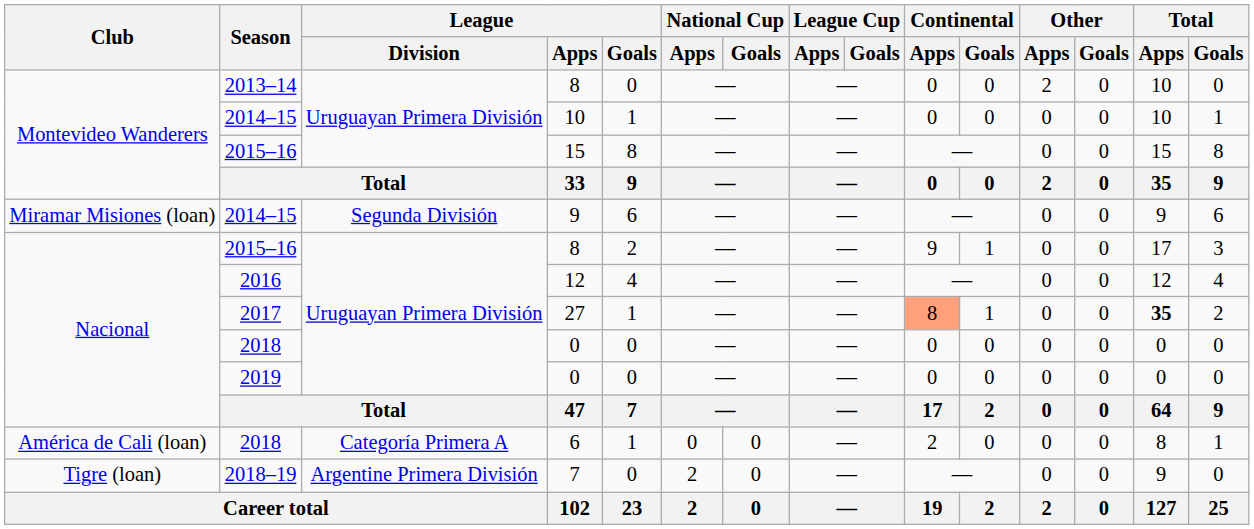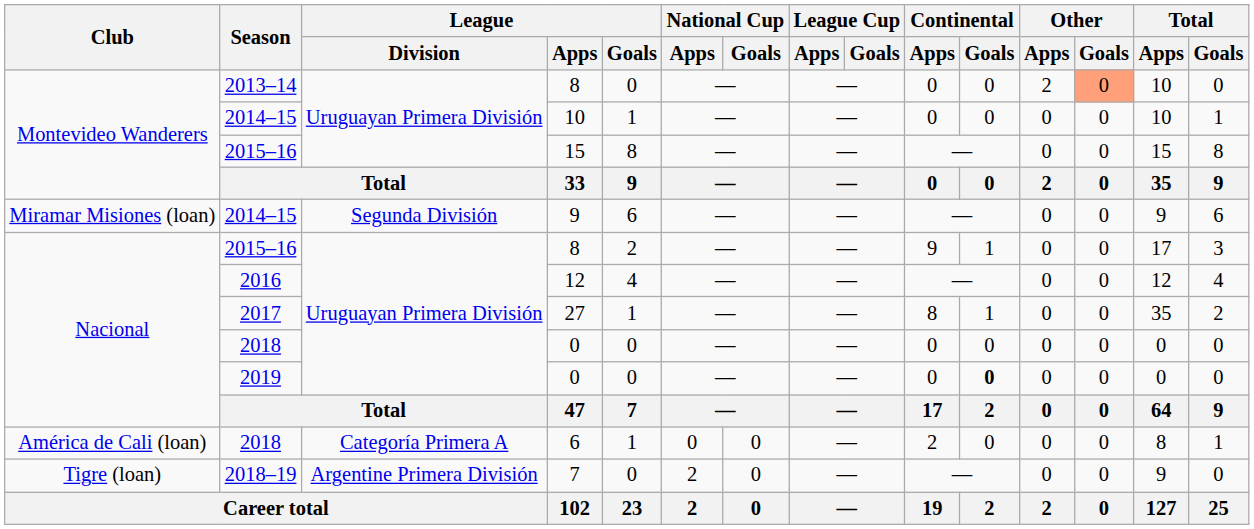 <table class="wikitable" style="text-align:center">
 <tr>
 <th rowspan="2">Club</th>
 <th rowspan="2">Season</th>
 <th colspan="3">League</th>
 <th colspan="2">National Cup</th>
 <th colspan="2">League Cup</th>
 <th colspan="2">Continental</th>
 <th colspan="2">Other</th>
 <th colspan="2">Total</th>
 </tr>
 <tr>
 <th>Division</th>
 <th>Apps</th>
 <th>Goals</th>
 <th>Apps</th>
 <th>Goals</th>
 <th>Apps</th>
 <th>Goals</th>
 <th>Apps</th>
 <th>Goals</th>
 <th>Apps</th>
 <th>Goals</th>
 <th>Apps</th>
 <th>Goals</th>
 </tr>
 <tr>
 <td rowspan="4"><a href='#'>Montevideo Wanderers</a></td>
 <td><a href='#'>2013–14</a></td>
 <td rowspan="3"><a href='#'>Uruguayan Primera División</a></td>
 <td>8</td>
 <td>0</td>
 <td colspan="2">—</td>
 <td colspan="2">—</td>
 <td>0</td>
 <td>0</td>
 <td>2</td>
-<td>0</td>
+<td style="background: lightsalmon;">0</td>
 <td>10</td>
 <td>0</td>
 </tr>
 <tr>
 <td><a href='#'>2014–15</a></td>
 <td>10</td>
 <td>1</td>
 <td colspan="2">—</td>
 <td colspan="2">—</td>
 <td>0</td>
 <td>0</td>
 <td>0</td>
 <td>0</td>
 <td>10</td>
 <td>1</td>
 </tr>
 <tr>
 <td><a href='#'>2015–16</a></td>
 <td>15</td>
 <td>8</td>
 <td colspan="2">—</td>
 <td colspan="2">—</td>
 <td colspan="2">—</td>
 <td>0</td>
 <td>0</td>
 <td>15</td>
 <td>8</td>
 </tr>
 <tr>
 <th colspan="2">Total</th>
 <th>33</th>
 <th>9</th>
 <th colspan="2">—</th>
 <th colspan="2">—</th>
 <th>0</th>
 <th>0</th>
 <th>2</th>
 <th>0</th>
 <th>35</th>
 <th>9</th>
 </tr>
 <tr>
 <td rowspan="1"><a href='#'>Miramar Misiones</a> (loan)</td>
 <td><a href='#'>2014–15</a></td>
 <td rowspan="1"><a href='#'>Segunda División</a></td>
 <td>9</td>
 <td>6</td>
 <td colspan="2">—</td>
 <td colspan="2">—</td>
 <td colspan="2">—</td>
 <td>0</td>
 <td>0</td>
 <td>9</td>
 <td>6</td>
 </tr>
 <tr>
 <td rowspan="6"><a href='#'>Nacional</a></td>
 <td><a href='#'>2015–16</a></td>
 <td rowspan="5"><a href='#'>Uruguayan Primera División</a></td>
 <td>8</td>
 <td>2</td>
 <td colspan="2">—</td>
 <td colspan="2">—</td>
 <td>9</td>
 <td>1</td>
 <td>0</td>
 <td>0</td>
 <td>17</td>
 <td>3</td>
 </tr>
 <tr>
 <td><a href='#'>2016</a></td>
 <td>12</td>
 <td>4</td>
 <td colspan="2">—</td>
 <td colspan="2">—</td>
 <td colspan="2">—</td>
 <td>0</td>
 <td>0</td>
 <td>12</td>
 <td>4</td>
 </tr>
 <tr>
 <td><a href='#'>2017</a></td>
 <td>27</td>
 <td>1</td>
 <td colspan="2">—</td>
 <td colspan="2">—</td>
-<td style="background: lightsalmon;">8</td>
+<td>8</td>
 <td>1</td>
 <td>0</td>
 <td>0</td>
-<td><strong>35</strong></td>
+<td>35</td>
 <td>2</td>
 </tr>
 <tr>
 <td><a href='#'>2018</a></td>
 <td>0</td>
 <td>0</td>
 <td colspan="2">—</td>
 <td colspan="2">—</td>
 <td>0</td>
 <td>0</td>
 <td>0</td>
 <td>0</td>
 <td>0</td>
 <td>0</td>
 </tr>
 <tr>
 <td><a href='#'>2019</a></td>
 <td>0</td>
 <td>0</td>
 <td colspan="2">—</td>
 <td colspan="2">—</td>
 <td>0</td>
-<td>0</td>
+<td><strong>0</strong></td>
 <td>0</td>
 <td>0</td>
 <td>0</td>
 <td>0</td>
 </tr>
 <tr>
 <th colspan="2">Total</th>
 <th>47</th>
 <th>7</th>
 <th colspan="2">—</th>
 <th colspan="2">—</th>
 <th>17</th>
 <th>2</th>
 <th>0</th>
 <th>0</th>
 <th>64</th>
 <th>9</th>
 </tr>
 <tr>
 <td rowspan="1"><a href='#'>América de Cali</a> (loan)</td>
 <td><a href='#'>2018</a></td>
 <td rowspan="1"><a href='#'>Categoría Primera A</a></td>
 <td>6</td>
 <td>1</td>
 <td>0</td>
 <td>0</td>
 <td colspan="2">—</td>
 <td>2</td>
 <td>0</td>
 <td>0</td>
 <td>0</td>
 <td>8</td>
 <td>1</td>
 </tr>
 <tr>
 <td rowspan="1"><a href='#'>Tigre</a> (loan)</td>
 <td><a href='#'>2018–19</a></td>
 <td rowspan="1"><a href='#'>Argentine Primera División</a></td>
 <td>7</td>
 <td>0</td>
 <td>2</td>
 <td>0</td>
 <td colspan="2">—</td>
 <td colspan="2">—</td>
 <td>0</td>
 <td>0</td>
 <td>9</td>
 <td>0</td>
 </tr>
 <tr>
 <th colspan="3">Career total</th>
 <th>102</th>
 <th>23</th>
 <th>2</th>
 <th>0</th>
 <th colspan="2">—</th>
 <th>19</th>
 <th>2</th>
 <th>2</th>
 <th>0</th>
 <th>127</th>
 <th>25</th>
 </tr>
 </table>
